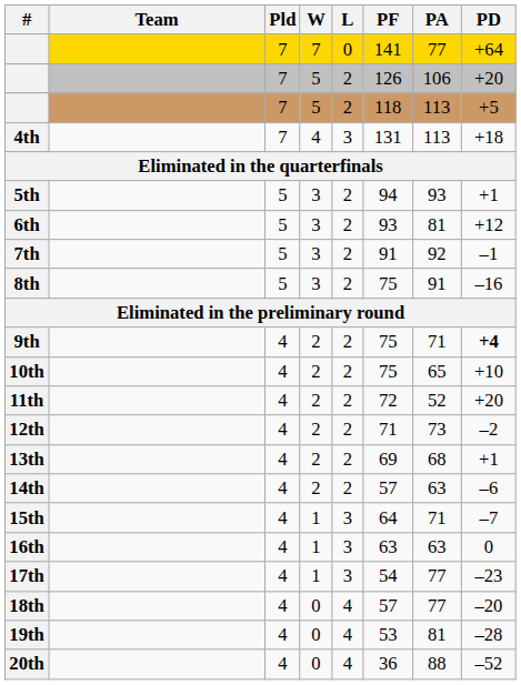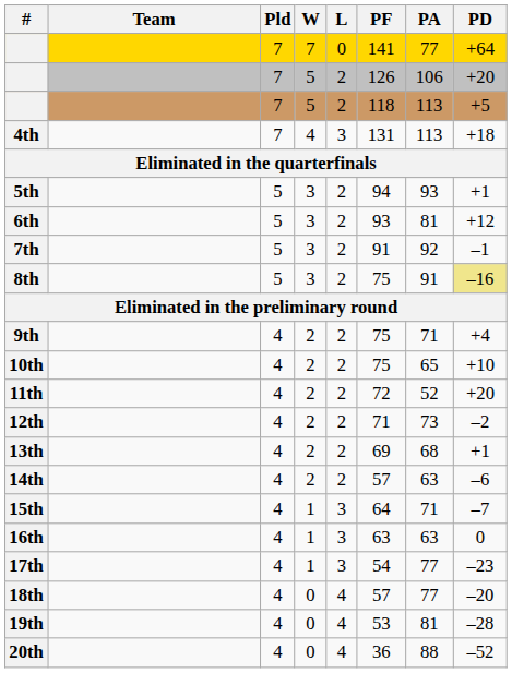 <table class=wikitable style="text-align:center;">
 <tr>
 <th>#</th>
 <th width=180px>Team</th>
 <th width=20px>Pld</th>
 <th width=20px>W</th>
 <th width=20px>L</th>
 <th width=35px>PF</th>
 <th width=35px>PA</th>
 <th width=40px>PD</th>
 </tr>
 <tr bgcolor=gold>
 <th></th>
 <td align=left></td>
 <td>7</td>
 <td>7</td>
 <td>0</td>
 <td>141</td>
 <td>77</td>
 <td>+64</td>
 </tr>
 <tr bgcolor=silver>
 <th></th>
 <td align=left></td>
 <td>7</td>
 <td>5</td>
 <td>2</td>
 <td>126</td>
 <td>106</td>
 <td>+20</td>
 </tr>
 <tr bgcolor=cc9966>
 <th></th>
 <td align=left></td>
 <td>7</td>
 <td>5</td>
 <td>2</td>
 <td>118</td>
 <td>113</td>
 <td>+5</td>
 </tr>
 <tr>
 <th>4th</th>
 <td align=left></td>
 <td>7</td>
 <td>4</td>
 <td>3</td>
 <td>131</td>
 <td>113</td>
 <td>+18</td>
 </tr>
 <tr>
 <th colspan=8>Eliminated in the quarterfinals</th>
 </tr>
 <tr>
 <th>5th</th>
 <td align=left></td>
 <td>5</td>
 <td>3</td>
 <td>2</td>
 <td>94</td>
 <td>93</td>
 <td>+1</td>
 </tr>
 <tr>
 <th>6th</th>
 <td align=left></td>
 <td>5</td>
 <td>3</td>
 <td>2</td>
 <td>93</td>
 <td>81</td>
 <td>+12</td>
 </tr>
 <tr>
 <th>7th</th>
 <td align=left></td>
 <td>5</td>
 <td>3</td>
 <td>2</td>
 <td>91</td>
 <td>92</td>
 <td>–1</td>
 </tr>
 <tr>
 <th>8th</th>
 <td align=left></td>
 <td>5</td>
 <td>3</td>
 <td>2</td>
 <td>75</td>
 <td>91</td>
-<td>–16</td>
+<td style="background: khaki;">–16</td>
 </tr>
 <tr>
 <th colspan=8>Eliminated in the preliminary round</th>
 </tr>
 <tr>
 <th>9th</th>
 <td align=left></td>
 <td>4</td>
 <td>2</td>
 <td>2</td>
 <td>75</td>
 <td>71</td>
-<td><strong>+4</strong></td>
+<td>+4</td>
 </tr>
 <tr>
 <th>10th</th>
 <td align=left></td>
 <td>4</td>
 <td>2</td>
 <td>2</td>
 <td>75</td>
 <td>65</td>
 <td>+10</td>
 </tr>
 <tr>
 <th>11th</th>
 <td align=left></td>
 <td>4</td>
 <td>2</td>
 <td>2</td>
 <td>72</td>
 <td>52</td>
 <td>+20</td>
 </tr>
 <tr>
 <th>12th</th>
 <td align=left></td>
 <td>4</td>
 <td>2</td>
 <td>2</td>
 <td>71</td>
 <td>73</td>
 <td>–2</td>
 </tr>
 <tr>
 <th>13th</th>
 <td align=left></td>
 <td>4</td>
 <td>2</td>
 <td>2</td>
 <td>69</td>
 <td>68</td>
 <td>+1</td>
 </tr>
 <tr>
 <th>14th</th>
 <td align=left></td>
 <td>4</td>
 <td>2</td>
 <td>2</td>
 <td>57</td>
 <td>63</td>
 <td>–6</td>
 </tr>
 <tr>
 <th>15th</th>
 <td align=left></td>
 <td>4</td>
 <td>1</td>
 <td>3</td>
 <td>64</td>
 <td>71</td>
 <td>–7</td>
 </tr>
 <tr>
 <th>16th</th>
 <td align=left></td>
 <td>4</td>
 <td>1</td>
 <td>3</td>
 <td>63</td>
 <td>63</td>
 <td>0</td>
 </tr>
 <tr>
 <th>17th</th>
 <td align=left></td>
 <td>4</td>
 <td>1</td>
 <td>3</td>
 <td>54</td>
 <td>77</td>
 <td>–23</td>
 </tr>
 <tr>
 <th>18th</th>
 <td align=left></td>
 <td>4</td>
 <td>0</td>
 <td>4</td>
 <td>57</td>
 <td>77</td>
 <td>–20</td>
 </tr>
 <tr>
 <th>19th</th>
 <td align=left></td>
 <td>4</td>
 <td>0</td>
 <td>4</td>
 <td>53</td>
 <td>81</td>
 <td>–28</td>
 </tr>
 <tr>
 <th>20th</th>
 <td align=left></td>
 <td>4</td>
 <td>0</td>
 <td>4</td>
 <td>36</td>
 <td>88</td>
 <td>–52</td>
 </tr>
 </table>
